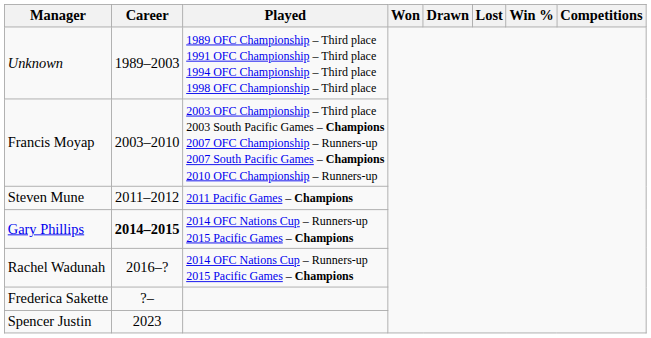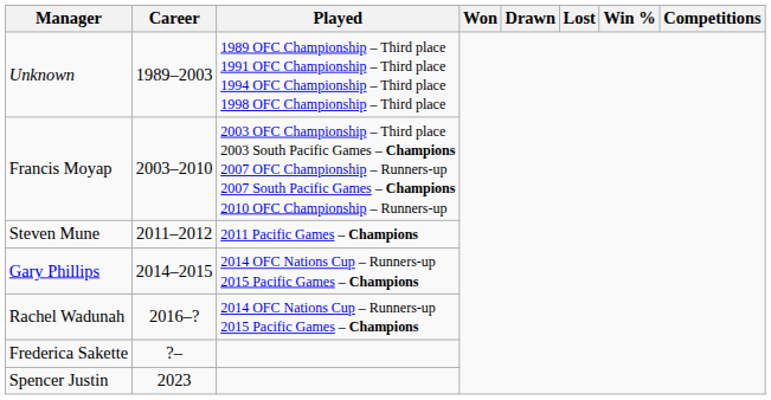 <table class="wikitable plainrowheaders sortable" style="text-align:center">
 <tr>
 <th>Manager</th>
 <th>Career</th>
 <th>Played</th>
 <th>Won</th>
 <th>Drawn</th>
 <th>Lost</th>
 <th>Win %</th>
 <th>Competitions</th>
 </tr>
 <tr>
 <td style="text-align: left;"><em>Unknown</em></td>
 <td>1989–2003<br></td>
 <td style="text-align: left;"><small><a href='#'>1989 OFC Championship</a> – Third place<br><a href='#'>1991 OFC Championship</a> – Third place<br><a href='#'>1994 OFC Championship</a> – Third place<br><a href='#'>1998 OFC Championship</a> – Third place</small></td>
 </tr>
 <tr>
 <td style="text-align: left;"> Francis Moyap</td>
 <td>2003–2010<br></td>
 <td style="text-align: left;"><small><a href='#'>2003 OFC Championship</a> – Third place<br>2003 South Pacific Games – <strong>Champions</strong><br><a href='#'>2007 OFC Championship</a> – Runners-up<br><a href='#'>2007 South Pacific Games</a> – <strong>Champions</strong><br><a href='#'>2010 OFC Championship</a> – Runners-up</small></td>
 </tr>
 <tr>
 <td style="text-align: left;"> Steven Mune</td>
 <td>2011–2012<br></td>
 <td style="text-align: left;"><small><a href='#'>2011 Pacific Games</a> – <strong>Champions</strong></small></td>
 </tr>
 <tr>
 <td style="text-align: left;"> <a href='#'>Gary Phillips</a></td>
-<td><strong>2014–2015<br></strong></td>
+<td>2014–2015<br></td>
 <td style="text-align: left;"><small><a href='#'>2014 OFC Nations Cup</a> – Runners-up<br><a href='#'>2015 Pacific Games</a> – <strong>Champions</strong></small></td>
 </tr>
 <tr>
 <td style="text-align: left;"> Rachel Wadunah</td>
 <td>2016–?<br></td>
 <td style="text-align: left;"><small><a href='#'>2014 OFC Nations Cup</a> – Runners-up<br><a href='#'>2015 Pacific Games</a> – <strong>Champions</strong></small></td>
 </tr>
 <tr>
 <td style="text-align: left;"> Frederica Sakette </td>
 <td>?–<br></td>
 <td></td>
 </tr>
 <tr>
 <td style="text-align: left;"> Spencer Justin </td>
 <td>2023<br></td>
 <td></td>
 </tr>
 </table>
